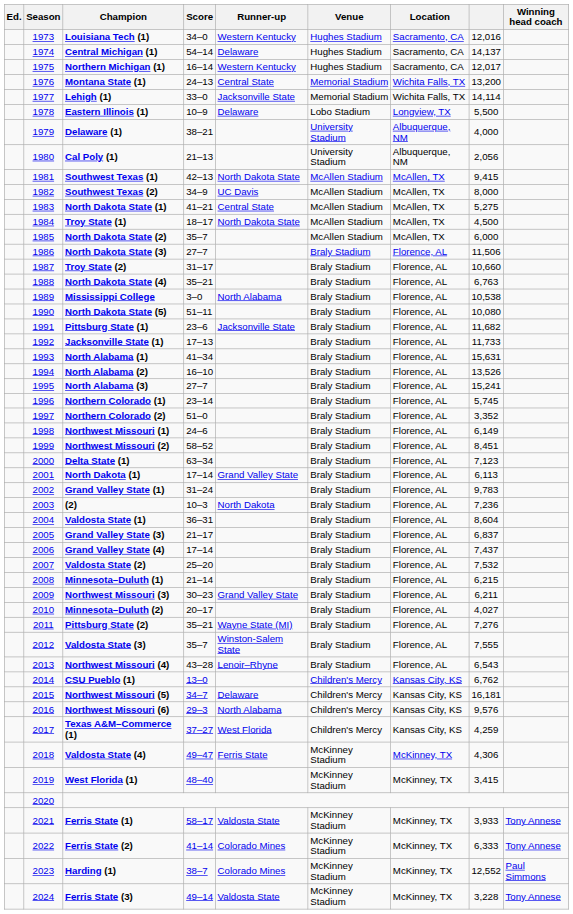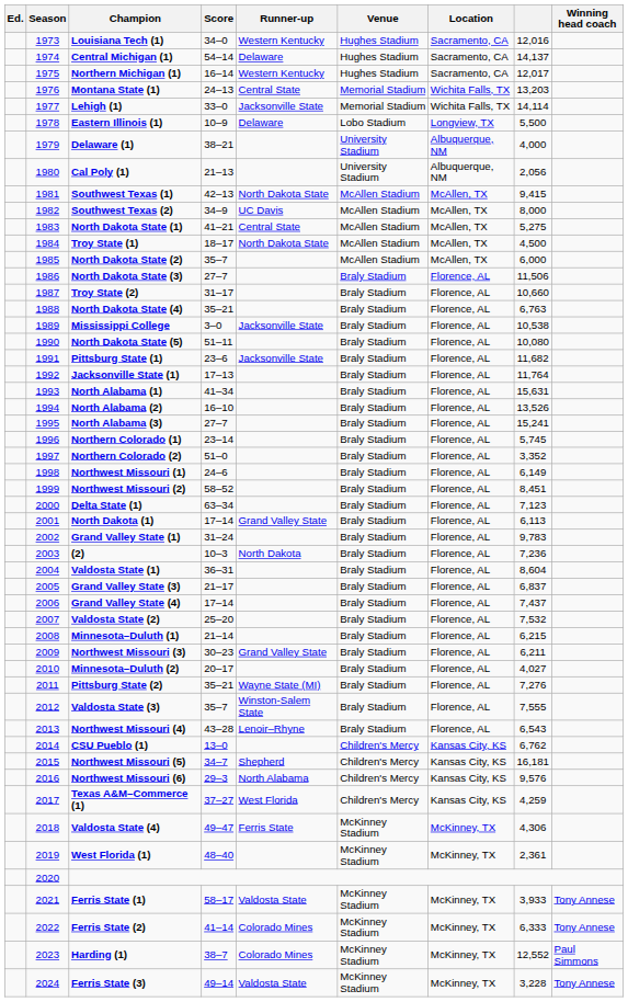 <table class="wikitable sortable"; style= "font-size:93%">
 <tr>
 <th>Ed.</th>
 <th>Season</th>
 <th>Champion</th>
 <th>Score</th>
 <th>Runner-up</th>
 <th>Venue</th>
 <th>Location</th>
 <th></th>
 <th>Winning<br>head coach</th>
 </tr>
 <tr>
 <td></td>
 <td align=center><a href='#'>1973</a></td>
 <td><strong><a href='#'>Louisiana Tech</a> (1)</strong></td>
 <td>34–0</td>
 <td><a href='#'>Western Kentucky</a></td>
 <td><a href='#'>Hughes Stadium</a></td>
 <td><a href='#'>Sacramento, CA</a></td>
 <td align=center>12,016</td>
 <td></td>
 </tr>
 <tr>
 <td></td>
 <td align=center><a href='#'>1974</a></td>
 <td><strong><a href='#'>Central Michigan</a> (1)</strong></td>
 <td>54–14</td>
 <td><a href='#'>Delaware</a></td>
 <td>Hughes Stadium</td>
 <td>Sacramento, CA</td>
 <td align=center>14,137</td>
 <td></td>
 </tr>
 <tr>
 <td></td>
 <td align=center><a href='#'>1975</a></td>
 <td><strong><a href='#'>Northern Michigan</a> (1)</strong></td>
 <td>16–14</td>
 <td><a href='#'>Western Kentucky</a></td>
 <td>Hughes Stadium</td>
 <td>Sacramento, CA</td>
 <td align=center>12,017</td>
 <td></td>
 </tr>
 <tr>
 <td></td>
 <td align=center><a href='#'>1976</a></td>
 <td><strong><a href='#'>Montana State</a> (1)</strong></td>
 <td>24–13</td>
 <td><a href='#'>Central State</a></td>
 <td><a href='#'>Memorial Stadium</a></td>
 <td><a href='#'>Wichita Falls, TX</a></td>
-<td align=center>13,200</td>
+<td align=center>13,203</td>
 <td></td>
 </tr>
 <tr>
 <td></td>
 <td align=center><a href='#'>1977</a></td>
 <td><strong><a href='#'>Lehigh</a> (1)</strong></td>
 <td>33–0</td>
 <td><a href='#'>Jacksonville State</a></td>
 <td>Memorial Stadium</td>
 <td>Wichita Falls, TX</td>
 <td align=center>14,114</td>
 <td></td>
 </tr>
 <tr>
 <td></td>
 <td align=center><a href='#'>1978</a></td>
 <td><strong><a href='#'>Eastern Illinois</a> (1)</strong></td>
 <td>10–9</td>
 <td><a href='#'>Delaware</a></td>
 <td>Lobo Stadium</td>
 <td><a href='#'>Longview, TX</a></td>
 <td align=center>5,500</td>
 <td></td>
 </tr>
 <tr>
 <td></td>
 <td align=center><a href='#'>1979</a></td>
 <td><strong><a href='#'>Delaware</a> (1)</strong></td>
 <td>38–21</td>
 <td></td>
 <td><a href='#'>University Stadium</a></td>
 <td><a href='#'>Albuquerque, NM</a></td>
 <td align=center>4,000</td>
 <td></td>
 </tr>
 <tr>
 <td></td>
 <td align=center><a href='#'>1980</a></td>
 <td><strong><a href='#'>Cal Poly</a> (1)</strong></td>
 <td>21–13</td>
 <td></td>
 <td>University Stadium</td>
 <td>Albuquerque, NM</td>
 <td align=center>2,056</td>
 <td></td>
 </tr>
 <tr>
 <td></td>
 <td align=center><a href='#'>1981</a></td>
 <td><strong><a href='#'>Southwest Texas</a> (1)</strong></td>
 <td>42–13</td>
 <td><a href='#'>North Dakota State</a></td>
 <td><a href='#'>McAllen Stadium</a></td>
 <td><a href='#'>McAllen, TX</a></td>
 <td align=center>9,415</td>
 <td></td>
 </tr>
 <tr>
 <td></td>
 <td align=center><a href='#'>1982</a></td>
 <td><strong><a href='#'>Southwest Texas</a> (2)</strong></td>
 <td>34–9</td>
 <td><a href='#'>UC Davis</a></td>
 <td>McAllen Stadium</td>
 <td>McAllen, TX</td>
 <td align=center>8,000</td>
 <td></td>
 </tr>
 <tr>
 <td></td>
 <td align=center><a href='#'>1983</a></td>
 <td><strong><a href='#'>North Dakota State</a> (1)</strong></td>
 <td>41–21</td>
 <td><a href='#'>Central State</a></td>
 <td>McAllen Stadium</td>
 <td>McAllen, TX</td>
 <td align=center>5,275</td>
 <td></td>
 </tr>
 <tr>
 <td></td>
 <td align=center><a href='#'>1984</a></td>
 <td><strong><a href='#'>Troy State</a> (1)</strong></td>
 <td>18–17</td>
 <td><a href='#'>North Dakota State</a></td>
 <td>McAllen Stadium</td>
 <td>McAllen, TX</td>
 <td align=center>4,500</td>
 <td></td>
 </tr>
 <tr>
 <td></td>
 <td align=center><a href='#'>1985</a></td>
 <td><strong><a href='#'>North Dakota State</a> (2)</strong></td>
 <td>35–7</td>
 <td></td>
 <td>McAllen Stadium</td>
 <td>McAllen, TX</td>
 <td align=center>6,000</td>
 <td></td>
 </tr>
 <tr>
 <td></td>
 <td align=center><a href='#'>1986</a></td>
 <td><strong><a href='#'>North Dakota State</a> (3)</strong></td>
 <td>27–7</td>
 <td></td>
 <td><a href='#'>Braly Stadium</a></td>
 <td><a href='#'>Florence, AL</a></td>
 <td align=center>11,506</td>
 <td></td>
 </tr>
 <tr>
 <td></td>
 <td align=center><a href='#'>1987</a></td>
 <td><strong><a href='#'>Troy State</a> (2)</strong></td>
 <td>31–17</td>
 <td></td>
 <td>Braly Stadium</td>
 <td>Florence, AL</td>
 <td align=center>10,660</td>
 <td></td>
 </tr>
 <tr>
 <td></td>
 <td align=center><a href='#'>1988</a></td>
 <td><strong><a href='#'>North Dakota State</a> (4)</strong></td>
 <td>35–21</td>
 <td></td>
 <td>Braly Stadium</td>
 <td>Florence, AL</td>
 <td align=center>6,763</td>
 <td></td>
 </tr>
 <tr>
 <td></td>
 <td align=center><a href='#'>1989</a></td>
 <td><strong><a href='#'>Mississippi College</a></strong></td>
 <td>3–0</td>
-<td><a href='#'>North Alabama</a></td>
+<td><a href='#'>Jacksonville State</a></td>
 <td>Braly Stadium</td>
 <td>Florence, AL</td>
 <td align=center>10,538</td>
 <td></td>
 </tr>
 <tr>
 <td></td>
 <td align=center><a href='#'>1990</a></td>
 <td><strong><a href='#'>North Dakota State</a> (5)</strong></td>
 <td>51–11</td>
 <td></td>
 <td>Braly Stadium</td>
 <td>Florence, AL</td>
 <td align=center>10,080</td>
 <td></td>
 </tr>
 <tr>
 <td></td>
 <td align=center><a href='#'>1991</a></td>
 <td><strong><a href='#'>Pittsburg State</a> (1)</strong></td>
 <td>23–6</td>
 <td><a href='#'>Jacksonville State</a></td>
 <td>Braly Stadium</td>
 <td>Florence, AL</td>
 <td align=center>11,682</td>
 <td></td>
 </tr>
 <tr>
 <td></td>
 <td align=center><a href='#'>1992</a></td>
 <td><strong><a href='#'>Jacksonville State</a> (1)</strong></td>
 <td>17–13</td>
 <td></td>
 <td>Braly Stadium</td>
 <td>Florence, AL</td>
-<td align=center>11,733</td>
+<td align=center>11,764</td>
 <td></td>
 </tr>
 <tr>
 <td></td>
 <td align=center><a href='#'>1993</a></td>
 <td><strong><a href='#'>North Alabama</a> (1)</strong></td>
 <td>41–34</td>
 <td></td>
 <td>Braly Stadium</td>
 <td>Florence, AL</td>
 <td align=center>15,631</td>
 <td></td>
 </tr>
 <tr>
 <td></td>
 <td align=center><a href='#'>1994</a></td>
 <td><strong><a href='#'>North Alabama</a> (2)</strong></td>
 <td>16–10</td>
 <td></td>
 <td>Braly Stadium</td>
 <td>Florence, AL</td>
 <td align=center>13,526</td>
 <td></td>
 </tr>
 <tr>
 <td></td>
 <td align=center><a href='#'>1995</a></td>
 <td><strong><a href='#'>North Alabama</a> (3)</strong></td>
 <td>27–7</td>
 <td></td>
 <td>Braly Stadium</td>
 <td>Florence, AL</td>
 <td align=center>15,241</td>
 <td></td>
 </tr>
 <tr>
 <td></td>
 <td align=center><a href='#'>1996</a></td>
 <td><strong><a href='#'>Northern Colorado</a> (1)</strong></td>
 <td>23–14</td>
 <td></td>
 <td>Braly Stadium</td>
 <td>Florence, AL</td>
 <td align=center>5,745</td>
 <td></td>
 </tr>
 <tr>
 <td></td>
 <td align=center><a href='#'>1997</a></td>
 <td><strong><a href='#'>Northern Colorado</a> (2)</strong></td>
 <td>51–0</td>
 <td></td>
 <td>Braly Stadium</td>
 <td>Florence, AL</td>
 <td align=center>3,352</td>
 <td></td>
 </tr>
 <tr>
 <td></td>
 <td align=center><a href='#'>1998</a></td>
 <td><strong><a href='#'>Northwest Missouri</a>  (1)</strong></td>
 <td>24–6</td>
 <td></td>
 <td>Braly Stadium</td>
 <td>Florence, AL</td>
 <td align=center>6,149</td>
 <td></td>
 </tr>
 <tr>
 <td></td>
 <td align=center><a href='#'>1999</a></td>
 <td><strong><a href='#'>Northwest Missouri</a> (2)</strong></td>
 <td>58–52 </td>
 <td></td>
 <td>Braly Stadium</td>
 <td>Florence, AL</td>
 <td align=center>8,451</td>
 <td></td>
 </tr>
 <tr>
 <td></td>
 <td align=center><a href='#'>2000</a></td>
 <td><strong><a href='#'>Delta State</a> (1)</strong></td>
 <td>63–34</td>
 <td></td>
 <td>Braly Stadium</td>
 <td>Florence, AL</td>
 <td align=center>7,123</td>
 <td></td>
 </tr>
 <tr>
 <td></td>
 <td align=center><a href='#'>2001</a></td>
 <td><strong><a href='#'>North Dakota</a> (1)</strong></td>
 <td>17–14</td>
 <td><a href='#'>Grand Valley State</a></td>
 <td>Braly Stadium</td>
 <td>Florence, AL</td>
 <td align=center>6,113</td>
 <td></td>
 </tr>
 <tr>
 <td></td>
 <td align=center><a href='#'>2002</a></td>
 <td><strong><a href='#'>Grand Valley State</a> (1)</strong></td>
 <td>31–24</td>
 <td></td>
 <td>Braly Stadium</td>
 <td>Florence, AL</td>
 <td align=center>9,783</td>
 <td></td>
 </tr>
 <tr>
 <td></td>
 <td align=center><a href='#'>2003</a></td>
 <td><strong> (2)</strong></td>
 <td>10–3</td>
 <td><a href='#'>North Dakota</a></td>
 <td>Braly Stadium</td>
 <td>Florence, AL</td>
 <td align=center>7,236</td>
 <td></td>
 </tr>
 <tr>
 <td></td>
 <td align=center><a href='#'>2004</a></td>
 <td><strong><a href='#'>Valdosta State</a> (1)</strong></td>
 <td>36–31</td>
 <td></td>
 <td>Braly Stadium</td>
 <td>Florence, AL</td>
 <td align=center>8,604</td>
 <td></td>
 </tr>
 <tr>
 <td></td>
 <td align=center><a href='#'>2005</a></td>
 <td><strong><a href='#'>Grand Valley State</a> (3)</strong></td>
 <td>21–17</td>
 <td></td>
 <td>Braly Stadium</td>
 <td>Florence, AL</td>
 <td align=center>6,837</td>
 <td></td>
 </tr>
 <tr>
 <td></td>
 <td align=center><a href='#'>2006</a></td>
 <td><strong><a href='#'>Grand Valley State</a> (4)</strong></td>
 <td>17–14</td>
 <td></td>
 <td>Braly Stadium</td>
 <td>Florence, AL</td>
 <td align=center>7,437</td>
 <td></td>
 </tr>
 <tr>
 <td></td>
 <td align=center><a href='#'>2007</a></td>
 <td><strong><a href='#'>Valdosta State</a> (2)</strong></td>
 <td>25–20</td>
 <td></td>
 <td>Braly Stadium</td>
 <td>Florence, AL</td>
 <td align=center>7,532</td>
 <td></td>
 </tr>
 <tr>
 <td></td>
 <td align=center><a href='#'>2008</a></td>
 <td><strong><a href='#'>Minnesota–Duluth</a> (1)</strong></td>
 <td>21–14</td>
 <td></td>
 <td>Braly Stadium</td>
 <td>Florence, AL</td>
 <td align=center>6,215</td>
 <td></td>
 </tr>
 <tr>
 <td></td>
 <td align=center><a href='#'>2009</a></td>
 <td><strong><a href='#'>Northwest Missouri</a> (3)</strong></td>
 <td>30–23</td>
 <td><a href='#'>Grand Valley State</a></td>
 <td>Braly Stadium</td>
 <td>Florence, AL</td>
 <td align=center>6,211</td>
 <td></td>
 </tr>
 <tr>
 <td></td>
 <td align=center><a href='#'>2010</a></td>
 <td><strong><a href='#'>Minnesota–Duluth</a> (2)</strong></td>
 <td>20–17</td>
 <td></td>
 <td>Braly Stadium</td>
 <td>Florence, AL</td>
 <td align=center>4,027</td>
 <td></td>
 </tr>
 <tr>
 <td></td>
 <td align=center><a href='#'>2011</a></td>
 <td><strong><a href='#'>Pittsburg State</a> (2)</strong></td>
 <td>35–21</td>
 <td><a href='#'>Wayne State (MI)</a></td>
 <td>Braly Stadium</td>
 <td>Florence, AL</td>
 <td align=center>7,276</td>
 <td></td>
 </tr>
 <tr>
 <td></td>
 <td align=center><a href='#'>2012</a></td>
 <td><strong><a href='#'>Valdosta State</a> (3)</strong></td>
 <td>35–7</td>
 <td><a href='#'>Winston-Salem State</a></td>
 <td>Braly Stadium</td>
 <td>Florence, AL</td>
 <td align=center>7,555</td>
 <td></td>
 </tr>
 <tr>
 <td></td>
 <td align=center><a href='#'>2013</a></td>
 <td><strong><a href='#'>Northwest Missouri</a> (4)</strong></td>
 <td>43–28</td>
 <td><a href='#'>Lenoir–Rhyne</a></td>
 <td>Braly Stadium</td>
 <td>Florence, AL</td>
 <td align=center>6,543</td>
 <td></td>
 </tr>
 <tr>
 <td></td>
 <td align=center><a href='#'>2014</a></td>
 <td><strong><a href='#'>CSU Pueblo</a> (1)</strong></td>
 <td><a href='#'>13–0</a></td>
 <td></td>
 <td><a href='#'>Children's Mercy</a></td>
 <td><a href='#'>Kansas City, KS</a></td>
 <td align=center>6,762</td>
 <td></td>
 </tr>
 <tr>
 <td></td>
 <td align=center><a href='#'>2015</a></td>
 <td><strong><a href='#'>Northwest Missouri</a> (5)</strong></td>
 <td><a href='#'>34–7</a></td>
-<td><a href='#'>Delaware</a></td>
+<td><a href='#'>Shepherd</a></td>
 <td>Children's Mercy</td>
 <td>Kansas City, KS</td>
 <td align="center">16,181</td>
 <td></td>
 </tr>
 <tr>
 <td></td>
 <td align=center><a href='#'>2016</a></td>
 <td><strong><a href='#'>Northwest Missouri</a> (6)</strong></td>
 <td><a href='#'>29–3</a></td>
 <td><a href='#'>North Alabama</a></td>
 <td>Children's Mercy</td>
 <td>Kansas City, KS</td>
 <td align="center">9,576</td>
 <td></td>
 </tr>
 <tr>
 <td></td>
 <td align=center><a href='#'>2017</a></td>
 <td><strong><a href='#'>Texas A&M–Commerce</a> (1)</strong></td>
 <td><a href='#'>37–27</a></td>
 <td><a href='#'>West Florida</a></td>
 <td>Children's Mercy</td>
 <td>Kansas City, KS</td>
 <td align="center">4,259</td>
 <td></td>
 </tr>
 <tr>
 <td></td>
 <td align=center><a href='#'>2018</a></td>
 <td><strong><a href='#'>Valdosta State</a> (4)</strong></td>
 <td><a href='#'>49–47</a></td>
 <td><a href='#'>Ferris State</a></td>
 <td>McKinney Stadium</td>
 <td><a href='#'>McKinney, TX</a></td>
 <td align="center">4,306</td>
 <td></td>
 </tr>
 <tr>
 <td></td>
 <td align=center><a href='#'>2019</a></td>
 <td><strong><a href='#'>West Florida</a> (1)</strong></td>
 <td><a href='#'>48–40</a></td>
 <td></td>
 <td>McKinney Stadium</td>
 <td>McKinney, TX</td>
-<td align="center">3,415</td>
+<td align="center">2,361</td>
 <td></td>
 </tr>
 <tr>
 <td></td>
 <td align=center><a href='#'>2020</a></td>
 <td colspan=7></td>
 </tr>
 <tr>
 <td></td>
 <td align=center><a href='#'>2021</a></td>
 <td><strong><a href='#'>Ferris State</a> (1)</strong></td>
 <td><a href='#'>58–17</a></td>
 <td><a href='#'>Valdosta State</a></td>
 <td>McKinney Stadium</td>
 <td>McKinney, TX</td>
 <td align="center">3,933</td>
 <td><a href='#'>Tony Annese</a></td>
 </tr>
 <tr>
 <td></td>
 <td align=center><a href='#'>2022</a></td>
 <td><strong><a href='#'>Ferris State</a> (2)</strong></td>
 <td><a href='#'>41–14</a></td>
 <td><a href='#'>Colorado Mines</a></td>
 <td>McKinney Stadium</td>
 <td>McKinney, TX</td>
 <td align="center">6,333</td>
 <td><a href='#'>Tony Annese</a></td>
 </tr>
 <tr>
 <td></td>
 <td align=center><a href='#'>2023</a></td>
 <td><strong><a href='#'>Harding</a> (1)</strong></td>
 <td><a href='#'>38–7</a></td>
 <td><a href='#'>Colorado Mines</a></td>
 <td>McKinney Stadium</td>
 <td>McKinney, TX</td>
 <td align="center">12,552</td>
 <td><a href='#'>Paul Simmons</a></td>
 </tr>
 <tr>
 <td></td>
 <td align=center><a href='#'>2024</a></td>
 <td><strong><a href='#'>Ferris State</a> (3)</strong></td>
 <td><a href='#'>49–14</a></td>
 <td><a href='#'>Valdosta State</a></td>
 <td>McKinney Stadium</td>
 <td>McKinney, TX</td>
 <td align="center">3,228</td>
 <td><a href='#'>Tony Annese</a></td>
 </tr>
 </table>
